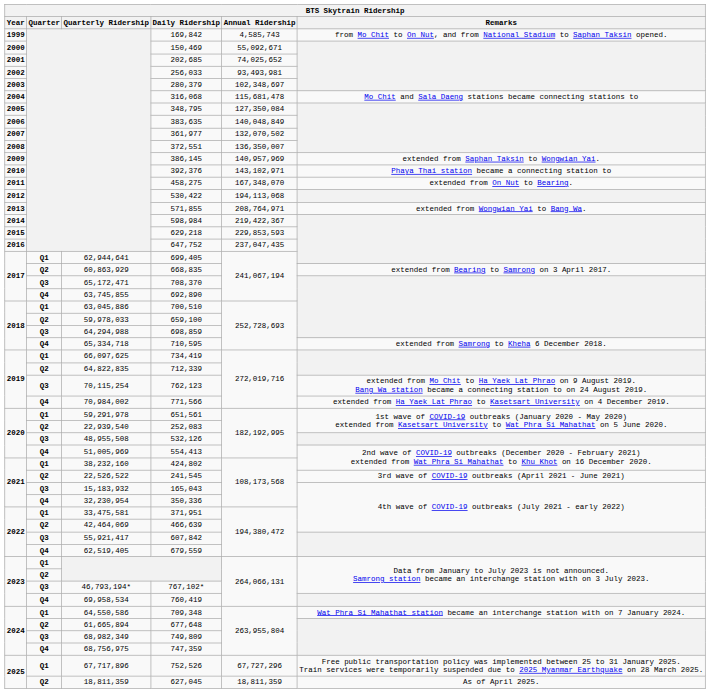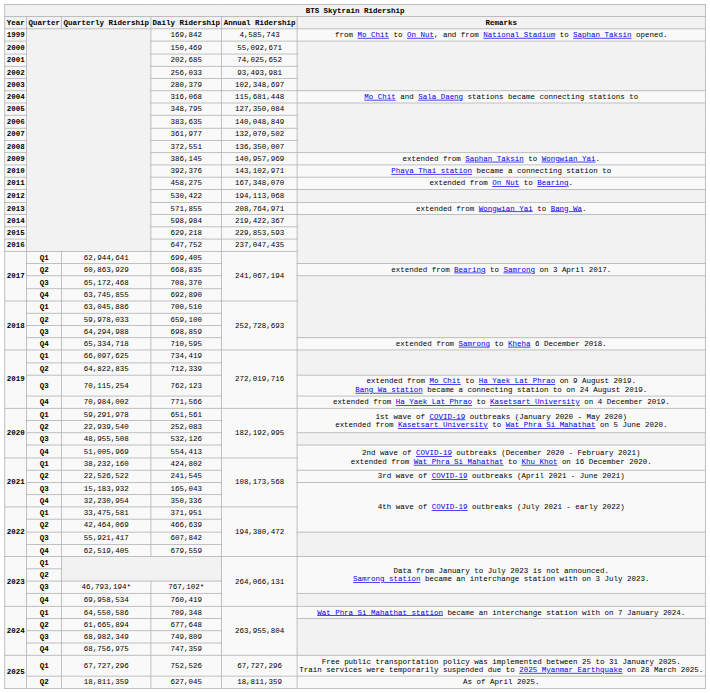 <table class="wikitable" style="margin:auto;font-align:center;text-align:center;font-size:80%;">
 <tr>
 <th colspan="6">BTS Skytrain Ridership</th>
 </tr>
 <tr>
 <th>Year</th>
 <th>Quarter</th>
 <th>Quarterly Ridership</th>
 <th>Daily Ridership</th>
 <th>Annual Ridership</th>
 <th>Remarks</th>
 </tr>
 <tr>
 <td><strong>1999</strong></td>
 <th colspan="2" rowspan="18"></th>
 <td>169,842</td>
 <td>4,585,743</td>
 <td><strong></strong> from <a href='#'>Mo Chit</a> to <a href='#'>On Nut</a>, and <strong></strong> from <a href='#'>National Stadium</a> to <a href='#'>Saphan Taksin</a> opened.</td>
 </tr>
 <tr>
 <td><strong>2000</strong></td>
 <td>150,469</td>
 <td>55,092,671</td>
 <th rowspan="4"></th>
 </tr>
 <tr>
 <td><strong>2001</strong></td>
 <td>202,685</td>
 <td>74,025,652</td>
 </tr>
 <tr>
 <td><strong>2002</strong></td>
 <td>256,033</td>
 <td>93,493,981</td>
 </tr>
 <tr>
 <td><strong>2003</strong></td>
 <td>280,379</td>
 <td>102,348,697</td>
 </tr>
 <tr>
 <td><strong>2004</strong></td>
 <td>316,068</td>
-<td>115,681,478</td>
+<td>115,681,448</td>
 <td><a href='#'>Mo Chit</a> and <a href='#'>Sala Daeng</a> stations became connecting stations to <strong></strong></td>
 </tr>
 <tr>
 <td><strong>2005</strong></td>
 <td>348,795</td>
 <td>127,350,084</td>
 <th rowspan="4"></th>
 </tr>
 <tr>
 <td><strong>2006</strong></td>
 <td>383,635</td>
 <td>140,048,849</td>
 </tr>
 <tr>
 <td><strong>2007</strong></td>
 <td>361,977</td>
 <td>132,070,502</td>
 </tr>
 <tr>
 <td><strong>2008</strong></td>
 <td>372,551</td>
 <td>136,350,007</td>
 </tr>
 <tr>
 <td><strong>2009</strong></td>
 <td>386,145</td>
 <td>140,957,969</td>
 <td><strong></strong> extended from <a href='#'>Saphan Taksin</a> to <a href='#'>Wongwian Yai</a>.</td>
 </tr>
 <tr>
 <td><strong>2010</strong></td>
 <td>392,376</td>
 <td>143,102,971</td>
 <td><a href='#'>Phaya Thai station</a> became a connecting station to <strong></strong></td>
 </tr>
 <tr>
 <td><strong>2011</strong></td>
 <td>458,275</td>
 <td>167,348,070</td>
 <td><strong></strong> extended from <a href='#'>On Nut</a> to <a href='#'>Bearing</a>.</td>
 </tr>
 <tr>
 <td><strong>2012</strong></td>
 <td>530,422</td>
 <td>194,113,068</td>
 <th></th>
 </tr>
 <tr>
 <td><strong>2013</strong></td>
 <td>571,855</td>
 <td>208,764,971</td>
 <td><strong></strong> extended from <a href='#'>Wongwian Yai</a> to <a href='#'>Bang Wa</a>.</td>
 </tr>
 <tr>
 <td><strong>2014</strong></td>
 <td>598,984</td>
 <td>219,422,367</td>
 <th rowspan="4"></th>
 </tr>
 <tr>
 <td><strong>2015</strong></td>
 <td>629,218</td>
 <td>229,853,593</td>
 </tr>
 <tr>
 <td><strong>2016</strong></td>
 <td>647,752</td>
 <td>237,047,435</td>
 </tr>
 <tr>
 <td rowspan="4"><strong>2017</strong></td>
 <td><strong>Q1</strong></td>
 <td>62,944,641</td>
 <td>699,405</td>
 <td rowspan="4">241,067,194</td>
 </tr>
 <tr>
 <td><strong>Q2</strong></td>
 <td>60,863,929</td>
 <td>668,835</td>
 <td><strong></strong> extended from <a href='#'>Bearing</a> to <a href='#'>Samrong</a> on 3 April 2017.</td>
 </tr>
 <tr>
 <td><strong>Q3</strong></td>
-<td>65,172,471</td>
+<td>65,172,468</td>
 <td>708,370</td>
 <th rowspan="5"></th>
 </tr>
 <tr>
 <td><strong>Q4</strong></td>
 <td>63,745,855</td>
 <td>692,890</td>
 </tr>
 <tr>
 <td rowspan="4"><strong>2018</strong></td>
 <td><strong>Q1</strong></td>
 <td>63,045,886</td>
 <td>700,510</td>
 <td rowspan="4">252,728,693</td>
 </tr>
 <tr>
 <td><strong>Q2</strong></td>
 <td>59,978,033</td>
 <td>659,100</td>
 </tr>
 <tr>
 <td><strong>Q3</strong></td>
 <td>64,294,988</td>
 <td>698,859</td>
 </tr>
 <tr>
 <td><strong>Q4</strong></td>
 <td>65,334,718</td>
 <td>710,595</td>
 <td><strong></strong> extended from <a href='#'>Samrong</a> to <a href='#'>Kheha</a> 6 December 2018.</td>
 </tr>
 <tr>
 <td rowspan="4"><strong>2019</strong></td>
 <td><strong>Q1</strong></td>
 <td>66,097,625</td>
 <td>734,419</td>
 <td rowspan="4">272,019,716</td>
 <th rowspan="2"></th>
 </tr>
 <tr>
 <td><strong>Q2</strong></td>
 <td>64,822,835</td>
 <td>712,339</td>
 </tr>
 <tr>
 <td><strong>Q3</strong></td>
 <td>70,115,254</td>
 <td>762,123</td>
 <td><strong></strong> extended from <a href='#'>Mo Chit</a> to <a href='#'>Ha Yaek Lat Phrao</a> on 9 August 2019.<br><a href='#'>Bang Wa station</a> became a connecting station to <strong></strong> on 24 August 2019.</td>
 </tr>
 <tr>
 <td><strong>Q4</strong></td>
 <td>70,984,002</td>
 <td>771,566</td>
 <td><strong></strong> extended from <a href='#'>Ha Yaek Lat Phrao</a> to <a href='#'>Kasetsart University</a> on 4 December 2019.</td>
 </tr>
 <tr>
 <td rowspan="4"><strong>2020</strong></td>
 <td><strong>Q1</strong></td>
 <td>59,291,978</td>
 <td>651,561</td>
 <td rowspan="4">182,192,995</td>
 <td rowspan="2">1st wave of <a href='#'>COVID-19</a> outbreaks (January 2020 - May 2020)<br><strong></strong> extended from <a href='#'>Kasetsart University</a> to <a href='#'>Wat Phra Si Mahathat</a> on 5 June 2020.</td>
 </tr>
 <tr>
 <td><strong>Q2</strong></td>
 <td>22,939,540</td>
 <td>252,083</td>
 </tr>
 <tr>
 <td><strong>Q3</strong></td>
 <td>48,955,508</td>
 <td>532,126</td>
 <th></th>
 </tr>
 <tr>
 <td><strong>Q4</strong></td>
 <td>51,005,969</td>
 <td>554,413</td>
 <td rowspan="2">2nd wave of <a href='#'>COVID-19</a> outbreaks (December 2020 - February 2021)<br><strong></strong> extended from <a href='#'>Wat Phra Si Mahathat</a> to <a href='#'>Khu Khot</a> on 16 December 2020.</td>
 </tr>
 <tr>
 <td rowspan="4"><strong>2021</strong></td>
 <td><strong>Q1</strong></td>
 <td>38,232,160</td>
 <td>424,802</td>
 <td rowspan="4">108,173,568</td>
 </tr>
 <tr>
 <td><strong>Q2</strong></td>
 <td>22,526,522</td>
 <td>241,545</td>
 <td>3rd wave of <a href='#'>COVID-19</a> outbreaks (April 2021 - June 2021)</td>
 </tr>
 <tr>
 <td><strong>Q3</strong></td>
 <td>15,183,932</td>
 <td>165,043</td>
 <td rowspan="4">4th wave of <a href='#'>COVID-19</a> outbreaks (July 2021 - early 2022)</td>
 </tr>
 <tr>
 <td><strong>Q4</strong></td>
 <td>32,230,954</td>
 <td>350,336</td>
 </tr>
 <tr>
 <td rowspan="4"><strong>2022</strong></td>
 <td><strong>Q1</strong></td>
 <td>33,475,581</td>
 <td>371,951</td>
 <td rowspan="4">194,380,472</td>
 </tr>
 <tr>
 <td><strong>Q2</strong></td>
 <td>42,464,069</td>
 <td>466,639</td>
 </tr>
 <tr>
 <td><strong>Q3</strong></td>
 <td>55,921,417</td>
 <td>607,842</td>
 <th rowspan="2"></th>
 </tr>
 <tr>
 <td><strong>Q4</strong></td>
 <td>62,519,405</td>
 <td>679,559</td>
 </tr>
 <tr>
 <td rowspan="4"><strong>2023</strong></td>
 <td><strong>Q1</strong></td>
 <th colspan="2" rowspan="2"></th>
 <td rowspan="4">264,066,131</td>
 <td rowspan="3">Data from January to July 2023 is not announced.<br><a href='#'>Samrong station</a> became an interchange station with <strong></strong> on 3 July 2023.</td>
 </tr>
 <tr>
 <td><strong>Q2</strong></td>
 </tr>
 <tr>
 <td><strong>Q3</strong></td>
 <td>46,793,194*</td>
 <td>767,102*</td>
 </tr>
 <tr>
 <td><strong>Q4</strong></td>
 <td>69,958,534</td>
 <td>760,419</td>
 <th></th>
 </tr>
 <tr>
 <td rowspan="4"><strong>2024</strong></td>
 <td><strong>Q1</strong></td>
 <td>64,550,586</td>
 <td>709,348</td>
 <td rowspan="4">263,955,804</td>
 <td><a href='#'>Wat Phra Si Mahathat station</a> became an interchange station with <strong></strong> on 7 January 2024.</td>
 </tr>
 <tr>
 <td><strong>Q2</strong></td>
 <td>61,665,894</td>
 <td>677,648</td>
 <th rowspan="3"></th>
 </tr>
 <tr>
 <td><strong>Q3</strong></td>
 <td>68,982,349</td>
 <td>749,809</td>
 </tr>
 <tr>
 <td><strong>Q4</strong></td>
 <td>68,756,975</td>
 <td>747,359</td>
 </tr>
 <tr>
 <td rowspan="2"><strong>2025</strong></td>
 <td><strong>Q1</strong></td>
-<td>67,717,896</td>
+<td>67,727,296</td>
 <td>752,526</td>
 <td>67,727,296</td>
 <td>Free public transportation policy was implemented between 25 to 31 January 2025.<br>Train services were temporarily suspended due to <a href='#'>2025 Myanmar Earthquake</a> on 28 March 2025.</td>
 </tr>
 <tr>
 <td><strong>Q2</strong></td>
 <td>18,811,359</td>
 <td>627,045</td>
 <td>18,811,359</td>
 <td>As of April 2025.</td>
 </tr>
 </table>
